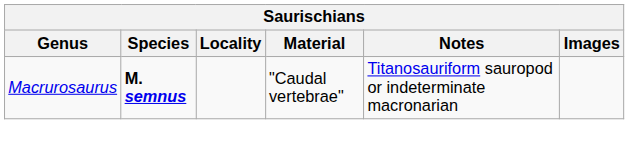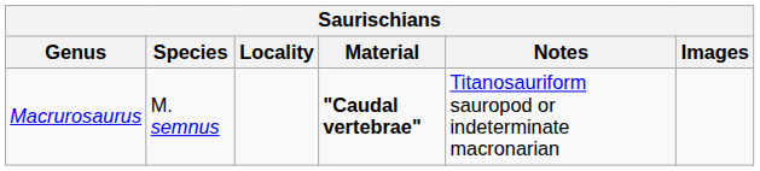 <table class="wikitable">
 <tr>
 <th colspan="6">Saurischians</th>
 </tr>
 <tr>
 <th>Genus</th>
 <th>Species</th>
 <th>Locality</th>
 <th>Material</th>
 <th>Notes</th>
 <th>Images</th>
 </tr>
 <tr>
 <td><em><a href='#'>Macrurosaurus</a></em></td>
-<td><strong>M. <em><a href='#'>semnus</a></em></strong></td>
+<td>M. <em><a href='#'>semnus</a></em></td>
 <td></td>
-<td>"Caudal vertebrae"</td>
+<td><strong>"Caudal vertebrae"</strong></td>
 <td><a href='#'>Titanosauriform</a> sauropod or indeterminate macronarian</td>
 <td></td>
 </tr>
 </table>
